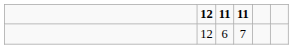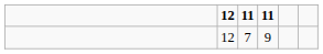 <table class="wikitable">
 <tr>
 <td style="width:15em"></td>
 <td align=center style="width:1em"><strong>12</strong></td>
 <td align=center style="width:1em"><strong>11</strong></td>
 <td align=center style="width:1em"><strong>11</strong></td>
 <td align=center style="width:1em"></td>
 <td align=center style="width:1em"></td>
 </tr>
 <tr>
 <td style="width:15em"></td>
 <td align=center style="width:1em">12</td>
-<td align=center style="width:1em">6</td>
 <td align=center style="width:1em">7</td>
+<td align=center style="width:1em">9</td>
 <td align=center style="width:1em"></td>
 <td align=center style="width:1em"></td>
 </tr>
 </table>
